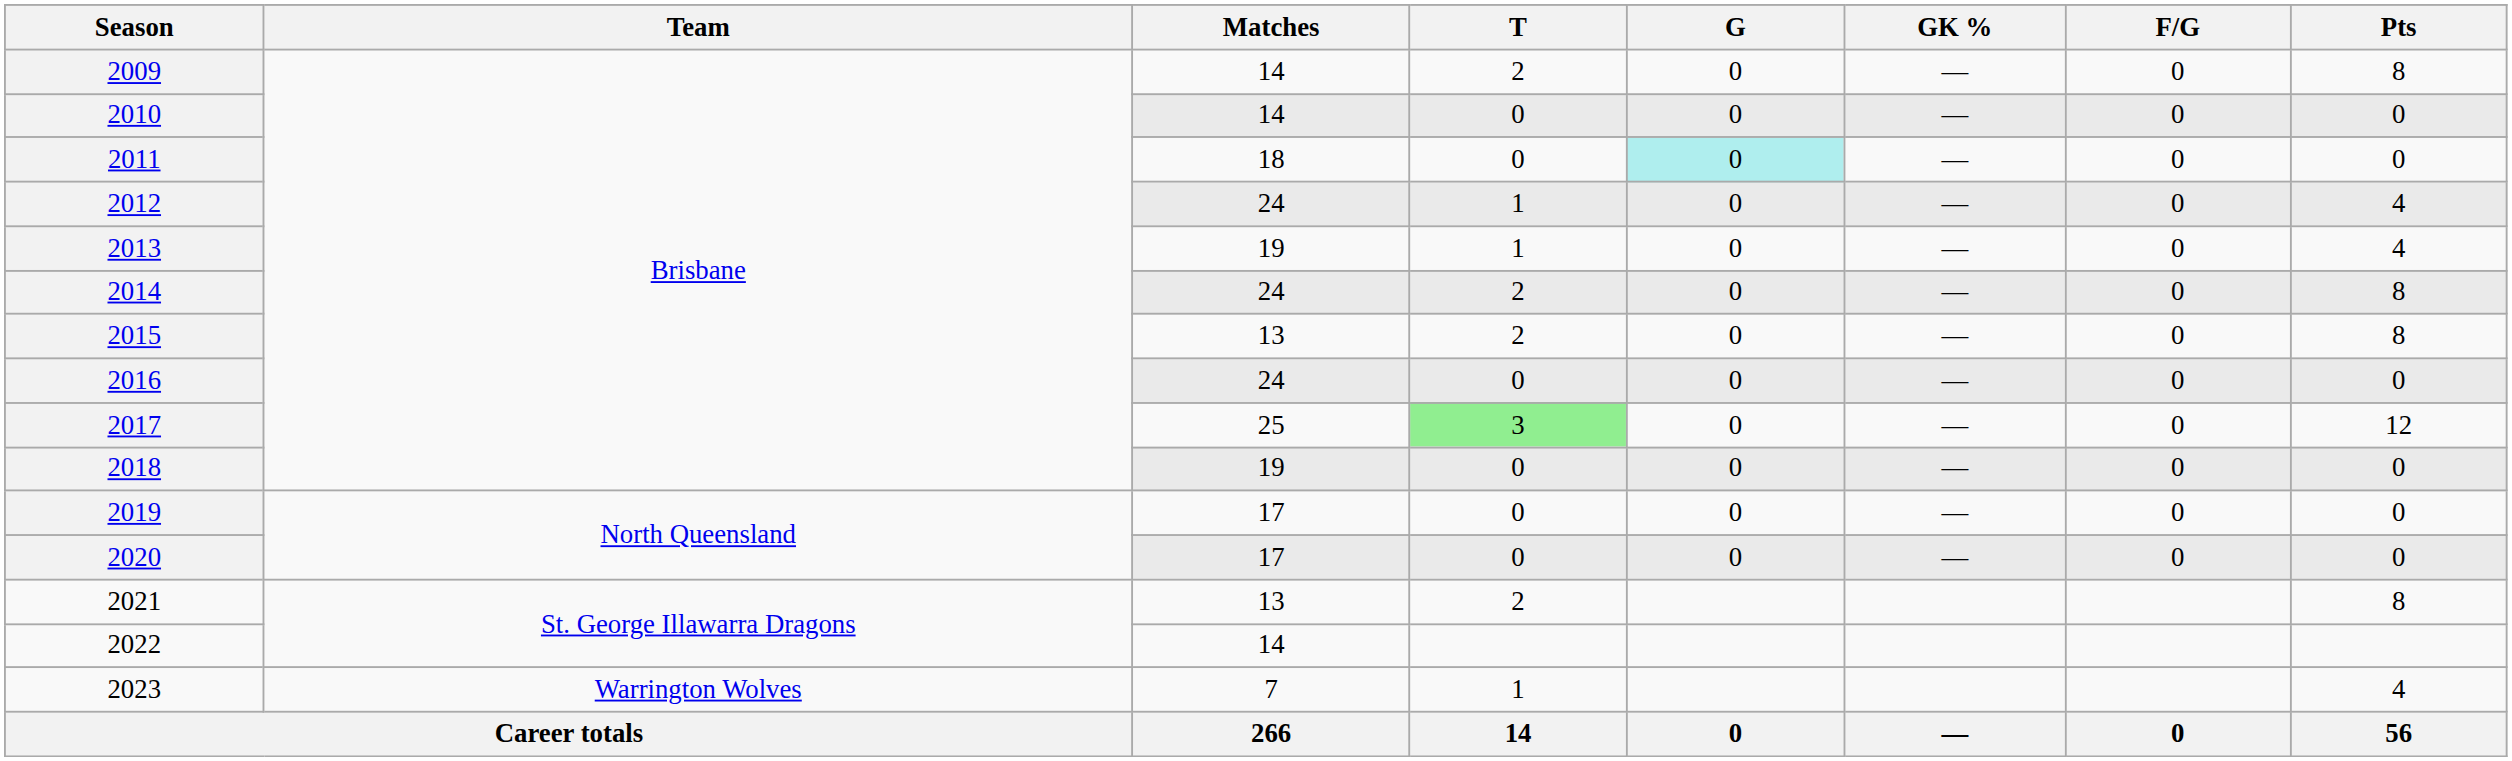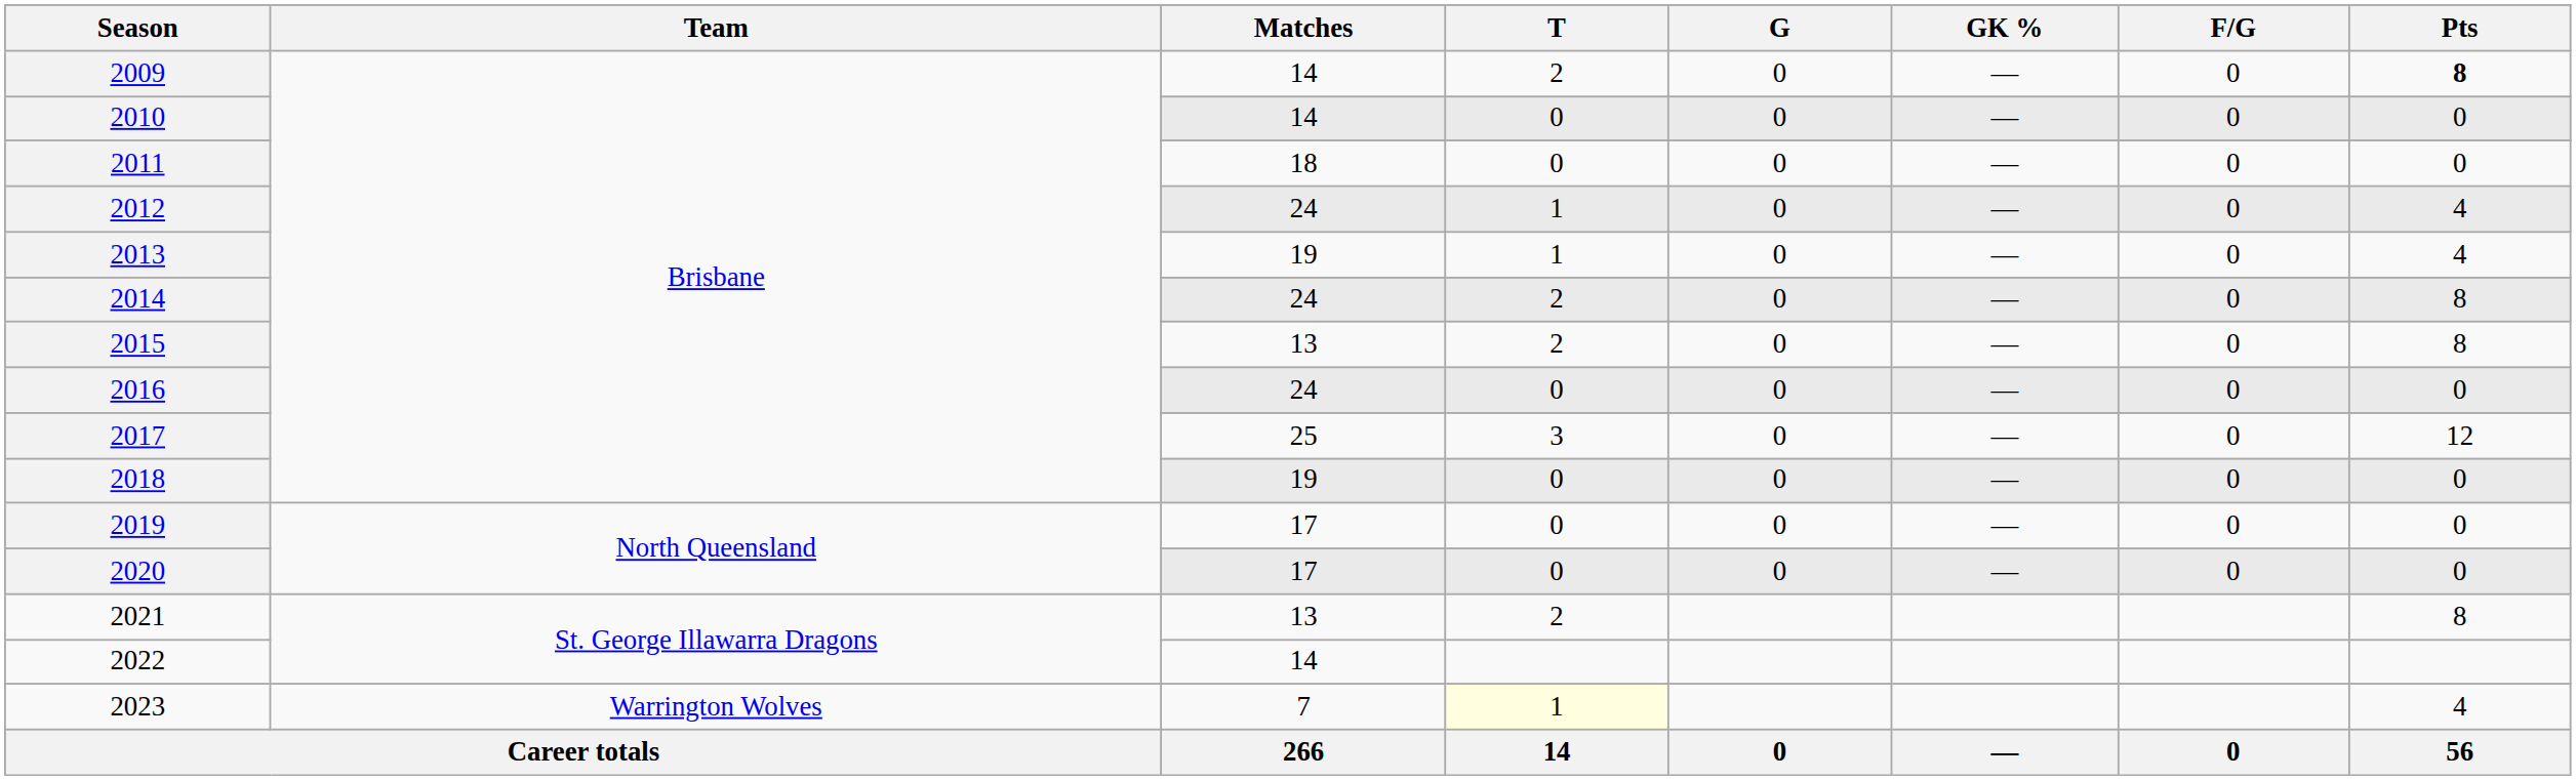 <table class="wikitable sortable"  style="font-size:90%; text-align:center; width:85%;">
 <tr>
 <th width=2%>Season</th>
 <th width=8%>Team</th>
 <th width=2%>Matches</th>
 <th width=2%>T</th>
 <th width=2%>G</th>
 <th width=2%>GK %</th>
 <th width=2%>F/G</th>
 <th width=2%>Pts</th>
 </tr>
 <tr>
 <th scope="row" style="text-align:center; font-weight:normal"><a href='#'>2009</a></th>
 <td rowspan="10" style="text-align:center;"> <a href='#'>Brisbane</a></td>
 <td>14</td>
 <td>2</td>
 <td>0</td>
 <td>—</td>
 <td>0</td>
-<td>8</td>
+<td><strong>8</strong></td>
 </tr>
 <tr style="background:#eaeaea;">
 <th scope="row" style="text-align:center; font-weight:normal"><a href='#'>2010</a></th>
 <td>14</td>
 <td>0</td>
 <td>0</td>
 <td>—</td>
 <td>0</td>
 <td>0</td>
 </tr>
 <tr>
 <th scope="row" style="text-align:center; font-weight:normal"><a href='#'>2011</a></th>
 <td>18</td>
 <td>0</td>
-<td style="background: paleturquoise;">0</td>
+<td>0</td>
 <td>—</td>
 <td>0</td>
 <td>0</td>
 </tr>
 <tr style="background:#eaeaea;">
 <th scope="row" style="text-align:center; font-weight:normal"><a href='#'>2012</a></th>
 <td>24</td>
 <td>1</td>
 <td>0</td>
 <td>—</td>
 <td>0</td>
 <td>4</td>
 </tr>
 <tr>
 <th scope="row" style="text-align:center; font-weight:normal"><a href='#'>2013</a></th>
 <td>19</td>
 <td>1</td>
 <td>0</td>
 <td>—</td>
 <td>0</td>
 <td>4</td>
 </tr>
 <tr style="background:#eaeaea;">
 <th scope="row" style="text-align:center; font-weight:normal"><a href='#'>2014</a></th>
 <td>24</td>
 <td>2</td>
 <td>0</td>
 <td>—</td>
 <td>0</td>
 <td>8</td>
 </tr>
 <tr>
 <th scope="row" style="text-align:center; font-weight:normal"><a href='#'>2015</a></th>
 <td>13</td>
 <td>2</td>
 <td>0</td>
 <td>—</td>
 <td>0</td>
 <td>8</td>
 </tr>
 <tr style="background:#eaeaea;">
 <th scope="row" style="text-align:center; font-weight:normal"><a href='#'>2016</a></th>
 <td>24</td>
 <td>0</td>
 <td>0</td>
 <td>—</td>
 <td>0</td>
 <td>0</td>
 </tr>
 <tr>
 <th scope="row" style="text-align:center; font-weight:normal"><a href='#'>2017</a></th>
 <td>25</td>
-<td style="background: lightgreen;">3</td>
+<td>3</td>
 <td>0</td>
 <td>—</td>
 <td>0</td>
 <td>12</td>
 </tr>
 <tr style="background:#eaeaea;">
 <th scope="row" style="text-align:center; font-weight:normal"><a href='#'>2018</a></th>
 <td>19</td>
 <td>0</td>
 <td>0</td>
 <td>—</td>
 <td>0</td>
 <td>0</td>
 </tr>
 <tr>
 <th scope="row" style="text-align:center; font-weight:normal"><a href='#'>2019</a></th>
 <td rowspan="2" style="text-align:center;"> <a href='#'>North Queensland</a></td>
 <td>17</td>
 <td>0</td>
 <td>0</td>
 <td>—</td>
 <td>0</td>
 <td>0</td>
 </tr>
 <tr style="background:#eaeaea;">
 <th scope="row" style="text-align:center; font-weight:normal"><a href='#'>2020</a></th>
 <td>17</td>
 <td>0</td>
 <td>0</td>
 <td>—</td>
 <td>0</td>
 <td>0</td>
 </tr>
 <tr>
 <td>2021</td>
 <td rowspan="2"> <a href='#'>St. George Illawarra Dragons</a></td>
 <td>13</td>
 <td>2</td>
 <td></td>
 <td></td>
 <td></td>
 <td>8</td>
 </tr>
 <tr>
 <td>2022</td>
 <td>14</td>
 <td></td>
 <td></td>
 <td></td>
 <td></td>
 <td></td>
 </tr>
 <tr>
 <td>2023</td>
 <td> <a href='#'>Warrington Wolves</a></td>
 <td>7</td>
-<td>1</td>
+<td style="background: lightyellow;">1</td>
 <td></td>
 <td></td>
 <td></td>
 <td>4</td>
 </tr>
 <tr class="sortbottom">
 <th colspan="2">Career totals</th>
 <th>266</th>
 <th>14</th>
 <th>0</th>
 <th>—</th>
 <th>0</th>
 <th>56</th>
 </tr>
 </table>
